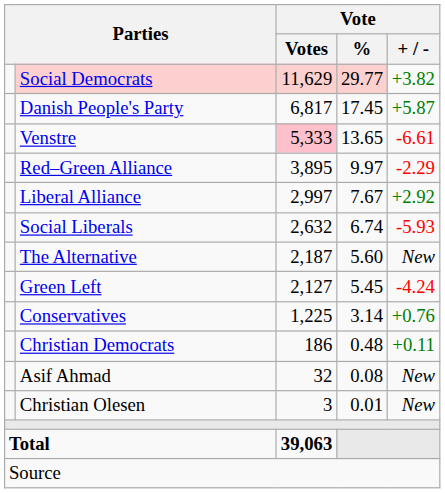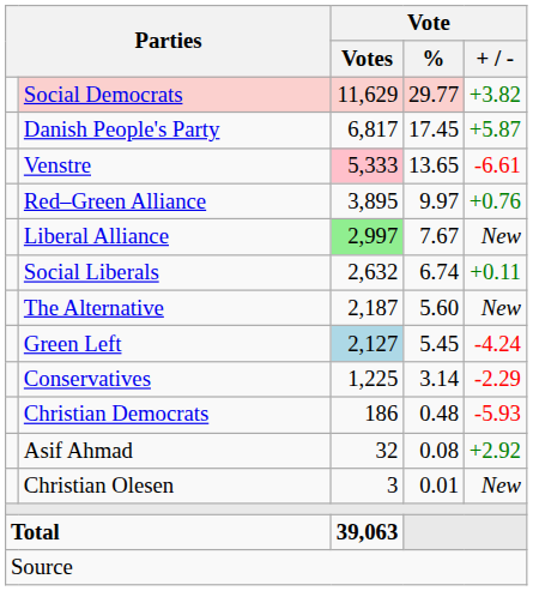 <table class="wikitable" style="text-align:right;">
 <tr>
 <th style="text-align:centre;" rowspan="2" colspan="2" width="225">Parties</th>
 <th colspan="3">Vote</th>
 </tr>
 <tr>
 <th width="15">Votes</th>
 <th width="15">%</th>
 <th width="15">+ / -</th>
 </tr>
 <tr>
 <td width="2" style="color:inherit;background:"></td>
 <td bgcolor=#fbd0ce  align="left"><a href='#'>Social Democrats</a></td>
 <td bgcolor=#fbd0ce>11,629</td>
 <td bgcolor=#fbd0ce>29.77</td>
 <td style=color:green;>+3.82</td>
 </tr>
 <tr>
 <td width="2" style="color:inherit;background:"></td>
 <td align="left"><a href='#'>Danish People's Party</a></td>
 <td>6,817</td>
 <td>17.45</td>
 <td style=color:green;>+5.87</td>
 </tr>
 <tr>
 <td width="2" style="color:inherit;background:"></td>
 <td align="left"><a href='#'>Venstre</a></td>
 <td style="background: pink;">5,333</td>
 <td>13.65</td>
 <td style=color:red;>-6.61</td>
 </tr>
 <tr>
 <td width="2" style="color:inherit;background:"></td>
 <td align="left"><a href='#'>Red–Green Alliance</a></td>
 <td>3,895</td>
 <td>9.97</td>
-<td style=color:red;>-2.29</td>
+<td style=color:green;>+0.76</td>
 </tr>
 <tr>
 <td width="2" style="color:inherit;background:"></td>
 <td align="left"><a href='#'>Liberal Alliance</a></td>
-<td>2,997</td>
+<td style="background: lightgreen;">2,997</td>
 <td>7.67</td>
-<td style=color:green;>+2.92</td>
+<td><em>New</em></td>
 </tr>
 <tr>
 <td width="2" style="color:inherit;background:"></td>
 <td align="left"><a href='#'>Social Liberals</a></td>
 <td>2,632</td>
 <td>6.74</td>
-<td style=color:red;>-5.93</td>
+<td style=color:green;>+0.11</td>
 </tr>
 <tr>
 <td width="2" style="color:inherit;background:"></td>
 <td align="left"><a href='#'>The Alternative</a></td>
 <td>2,187</td>
 <td>5.60</td>
 <td><em>New</em></td>
 </tr>
 <tr>
 <td width="2" style="color:inherit;background:"></td>
 <td align="left"><a href='#'>Green Left</a></td>
-<td>2,127</td>
+<td style="background: lightblue;">2,127</td>
 <td>5.45</td>
 <td style=color:red;>-4.24</td>
 </tr>
 <tr>
 <td width="2" style="color:inherit;background:"></td>
 <td align="left"><a href='#'>Conservatives</a></td>
 <td>1,225</td>
 <td>3.14</td>
-<td style=color:green;>+0.76</td>
+<td style=color:red;>-2.29</td>
 </tr>
 <tr>
 <td width="2" style="color:inherit;background:"></td>
 <td align="left"><a href='#'>Christian Democrats</a></td>
 <td>186</td>
 <td>0.48</td>
-<td style=color:green;>+0.11</td>
+<td style=color:red;>-5.93</td>
 </tr>
 <tr>
 <td width="2" style="color:inherit;background:"></td>
 <td align="left">Asif Ahmad</td>
 <td>32</td>
 <td>0.08</td>
-<td><em>New</em></td>
+<td style=color:green;>+2.92</td>
 </tr>
 <tr>
 <td width="2" style="color:inherit;background:"></td>
 <td align="left">Christian Olesen</td>
 <td>3</td>
 <td>0.01</td>
 <td><em>New</em></td>
 </tr>
 <tr>
 <td colspan="7" bgcolor="#E9E9E9"></td>
 </tr>
 <tr>
 <td align="left" colspan="2"><strong>Total</strong></td>
 <td><strong>39,063</strong></td>
 <td bgcolor="#E9E9E9" colspan="2"></td>
 </tr>
 <tr>
 <td align="left" colspan="6">Source</td>
 </tr>
 </table>
